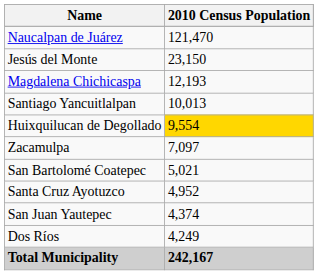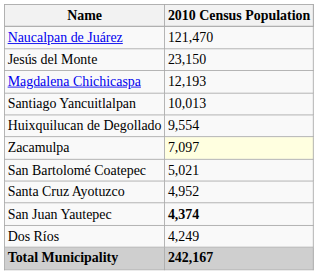 <table class="wikitable">
 <tr style="background:#000000; color:black;">
 <th><strong>Name</strong></th>
 <th><strong>2010 Census Population</strong></th>
 </tr>
 <tr>
 <td><a href='#'>Naucalpan de Juárez</a></td>
 <td>121,470</td>
 </tr>
 <tr>
 <td>Jesús del Monte</td>
 <td>23,150</td>
 </tr>
 <tr>
 <td><a href='#'>Magdalena Chichicaspa</a></td>
 <td>12,193</td>
 </tr>
 <tr>
 <td>Santiago Yancuitlalpan</td>
 <td>10,013</td>
 </tr>
 <tr>
 <td>Huixquilucan de Degollado</td>
-<td style="background: gold;">9,554</td>
+<td>9,554</td>
 </tr>
 <tr>
 <td>Zacamulpa</td>
-<td>7,097</td>
+<td style="background: lightyellow;">7,097</td>
 </tr>
 <tr>
 <td>San Bartolomé Coatepec</td>
 <td>5,021</td>
 </tr>
 <tr>
 <td>Santa Cruz Ayotuzco</td>
 <td>4,952</td>
 </tr>
 <tr>
 <td>San Juan Yautepec</td>
-<td>4,374</td>
+<td><strong>4,374</strong></td>
 </tr>
 <tr>
 <td>Dos Ríos</td>
 <td>4,249</td>
 </tr>
 <tr style="background:#CFCFCF;">
 <td><strong>Total Municipality</strong></td>
 <td><strong>242,167</strong></td>
 </tr>
 </table>
